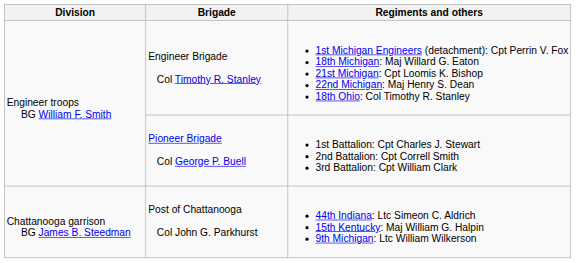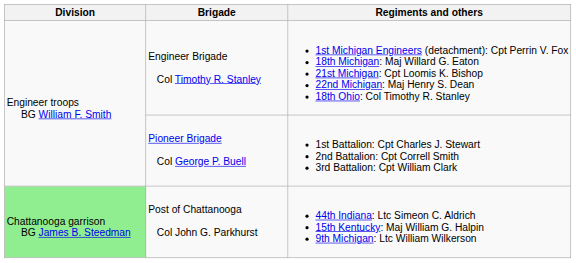 <table class="wikitable">
 <tr>
 <th width=25%>Division</th>
 <th width=25%>Brigade</th>
 <th>Regiments and others</th>
 </tr>
 <tr>
 <td rowspan=2><br>Engineer troops <br>     BG <a href='#'>William F. Smith</a></td>
 <td>Engineer Brigade<br><br>   Col <a href='#'>Timothy R. Stanley</a></td>
 <td><br><ul><li><a href='#'>1st Michigan Engineers</a> (detachment): Cpt Perrin V. Fox</li><li><a href='#'>18th Michigan</a>: Maj Willard G. Eaton</li><li><a href='#'>21st Michigan</a>: Cpt Loomis K. Bishop</li><li><a href='#'>22nd Michigan</a>: Maj Henry S. Dean</li><li><a href='#'>18th Ohio</a>: Col Timothy R. Stanley</li></ul></td>
 </tr>
 <tr>
 <td><a href='#'>Pioneer Brigade</a><br><br>   Col <a href='#'>George P. Buell</a></td>
 <td><br><ul><li>1st Battalion: Cpt Charles J. Stewart</li><li>2nd Battalion: Cpt Correll Smith</li><li>3rd Battalion: Cpt William Clark</li></ul></td>
 </tr>
 <tr>
-<td rowspan=1><br>Chattanooga garrison <br>     BG <a href='#'>James B. Steedman</a></td>
+<td rowspan=1 style="background: lightgreen;"><br>Chattanooga garrison <br>     BG <a href='#'>James B. Steedman</a></td>
 <td>Post of Chattanooga<br><br>   Col John G. Parkhurst</td>
 <td><br><ul><li><a href='#'>44th Indiana</a>: Ltc Simeon C. Aldrich</li><li><a href='#'>15th Kentucky</a>: Maj William G. Halpin</li><li><a href='#'>9th Michigan</a>: Ltc William Wilkerson</li></ul></td>
 </tr>
 </table>
